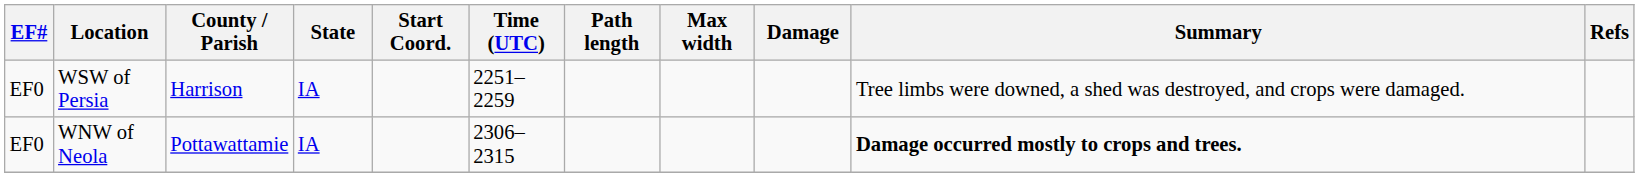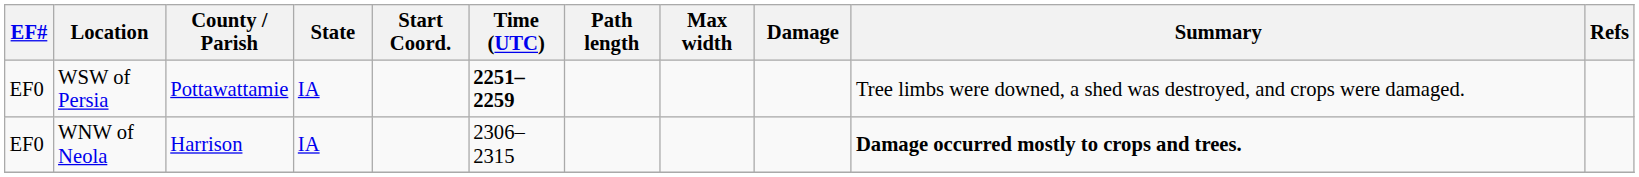 <table class="wikitable sortable" style="width:100%;">
 <tr>
 <th scope="col" width="3%" align="center"><a href='#'>EF#</a></th>
 <th scope="col" width="7%" align="center" class="unsortable">Location</th>
 <th scope="col" width="6%" align="center" class="unsortable">County / Parish</th>
 <th scope="col" width="5%" align="center">State</th>
 <th scope="col" width="6%" align="center">Start Coord.</th>
 <th scope="col" width="6%" align="center">Time (<a href='#'>UTC</a>)</th>
 <th scope="col" width="6%" align="center">Path length</th>
 <th scope="col" width="6%" align="center">Max width</th>
 <th scope="col" width="6%" align="center">Damage</th>
 <th scope="col" width="48%" class="unsortable" align="center">Summary</th>
 <th scope="col" width="48%" class="unsortable" align="center">Refs</th>
 </tr>
 <tr>
 <td>EF0</td>
 <td>WSW of <a href='#'>Persia</a></td>
-<td><a href='#'>Harrison</a></td>
+<td><a href='#'>Pottawattamie</a></td>
 <td><a href='#'>IA</a></td>
 <td></td>
-<td>2251–2259</td>
+<td><strong>2251–2259</strong></td>
 <td></td>
 <td></td>
 <td></td>
 <td>Tree limbs were downed, a shed was destroyed, and crops were damaged.</td>
 <td></td>
 </tr>
 <tr>
 <td>EF0</td>
 <td>WNW of <a href='#'>Neola</a></td>
-<td><a href='#'>Pottawattamie</a></td>
+<td><a href='#'>Harrison</a></td>
 <td><a href='#'>IA</a></td>
 <td></td>
 <td>2306–2315</td>
 <td></td>
 <td></td>
 <td></td>
 <td><strong>Damage occurred mostly to crops and trees.</strong></td>
 <td></td>
 </tr>
 <tr>
 </tr>
 </table>
